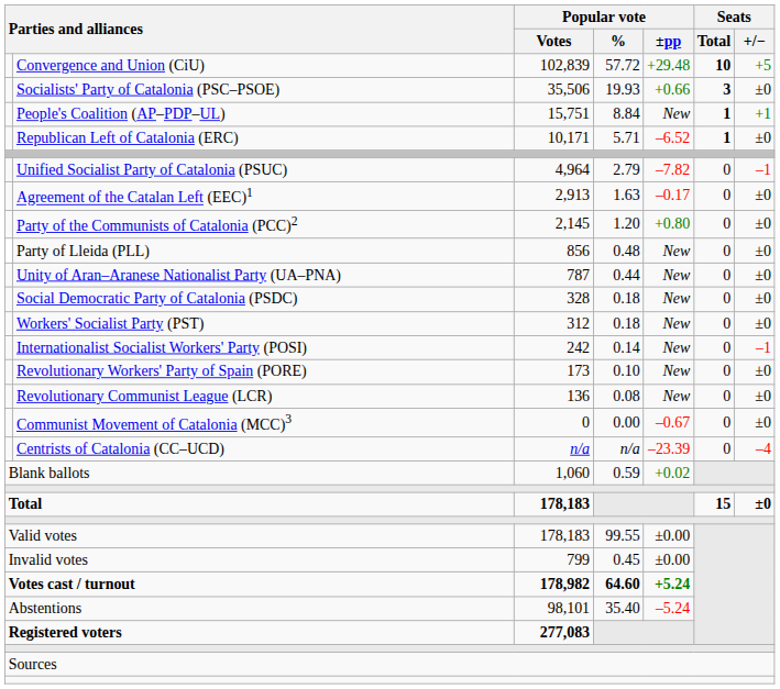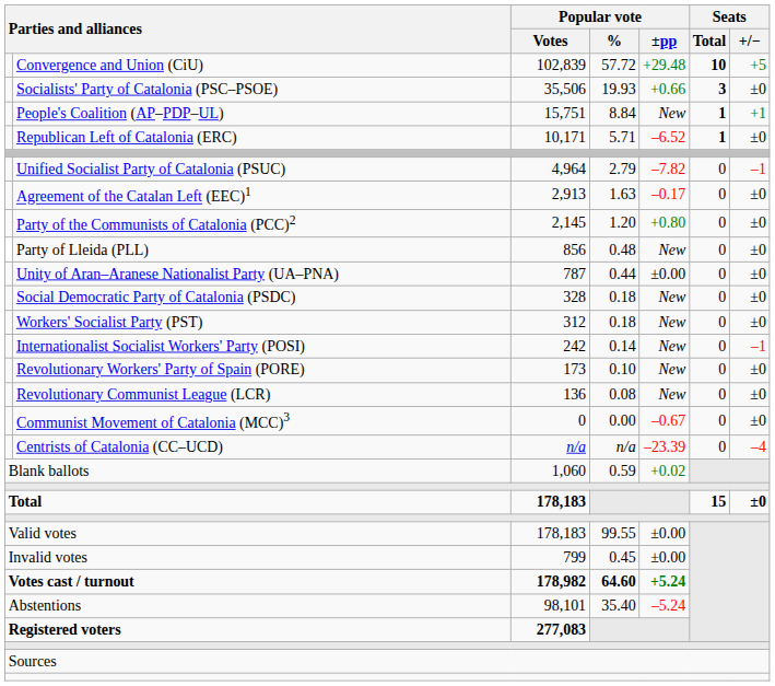 <table class="wikitable" style="text-align:right;">
 <tr>
 <th style="text-align:left;" rowspan="2" colspan="2" width="525">Parties and alliances</th>
 <th colspan="3">Popular vote</th>
 <th colspan="2">Seats</th>
 </tr>
 <tr>
 <th width="75">Votes</th>
 <th width="45">%</th>
 <th width="45">±<a href='#'>pp</a></th>
 <th width="35">Total</th>
 <th width="35">+/−</th>
 </tr>
 <tr>
 <td width="1" style="color:inherit;background:"></td>
 <td align="left"><a href='#'>Convergence and Union</a> (CiU)</td>
 <td>102,839</td>
 <td>57.72</td>
 <td style="color:green;">+29.48</td>
 <td><strong>10</strong></td>
 <td style="color:green;">+5</td>
 </tr>
 <tr>
 <td style="color:inherit;background:"></td>
 <td align="left"><a href='#'>Socialists' Party of Catalonia</a> (PSC–PSOE)</td>
 <td>35,506</td>
 <td>19.93</td>
 <td style="color:green;">+0.66</td>
 <td><strong>3</strong></td>
 <td>±0</td>
 </tr>
 <tr>
 <td style="color:inherit;background:"></td>
 <td align="left"><a href='#'>People's Coalition</a> (<a href='#'>AP</a>–<a href='#'>PDP</a>–<a href='#'>UL</a>)</td>
 <td>15,751</td>
 <td>8.84</td>
 <td><em>New</em></td>
 <td><strong>1</strong></td>
 <td style="color:green;">+1</td>
 </tr>
 <tr>
 <td style="color:inherit;background:"></td>
 <td align="left"><a href='#'>Republican Left of Catalonia</a> (ERC)</td>
 <td>10,171</td>
 <td>5.71</td>
 <td style="color:red;">–6.52</td>
 <td><strong>1</strong></td>
 <td>±0</td>
 </tr>
 <tr>
 <td colspan="7" bgcolor="#C0C0C0"></td>
 </tr>
 <tr>
 <td style="color:inherit;background:"></td>
 <td align="left"><a href='#'>Unified Socialist Party of Catalonia</a> (PSUC)</td>
 <td>4,964</td>
 <td>2.79</td>
 <td style="color:red;">–7.82</td>
 <td>0</td>
 <td style="color:red;">–1</td>
 </tr>
 <tr>
 <td style="color:inherit;background:"></td>
 <td align="left"><a href='#'>Agreement of the Catalan Left</a> (EEC)<sup>1</sup></td>
 <td>2,913</td>
 <td>1.63</td>
 <td style="color:red;">–0.17</td>
 <td>0</td>
 <td>±0</td>
 </tr>
 <tr>
 <td style="color:inherit;background:"></td>
 <td align="left"><a href='#'>Party of the Communists of Catalonia</a> (PCC)<sup>2</sup></td>
 <td>2,145</td>
 <td>1.20</td>
 <td style="color:green;">+0.80</td>
 <td>0</td>
 <td>±0</td>
 </tr>
 <tr>
 <td bgcolor="white"></td>
 <td align="left">Party of Lleida (PLL)</td>
 <td>856</td>
 <td>0.48</td>
 <td><em>New</em></td>
 <td>0</td>
 <td>±0</td>
 </tr>
 <tr>
 <td style="color:inherit;background:"></td>
 <td align="left"><a href='#'>Unity of Aran–Aranese Nationalist Party</a> (UA–PNA)</td>
 <td>787</td>
 <td>0.44</td>
-<td><em>New</em></td>
+<td>±0.00</td>
 <td>0</td>
 <td>±0</td>
 </tr>
 <tr>
 <td style="color:inherit;background:"></td>
 <td align="left"><a href='#'>Social Democratic Party of Catalonia</a> (PSDC)</td>
 <td>328</td>
 <td>0.18</td>
 <td><em>New</em></td>
 <td>0</td>
 <td>±0</td>
 </tr>
 <tr>
 <td style="color:inherit;background:"></td>
 <td align="left"><a href='#'>Workers' Socialist Party</a> (PST)</td>
 <td>312</td>
 <td>0.18</td>
 <td><em>New</em></td>
 <td>0</td>
 <td>±0</td>
 </tr>
 <tr>
 <td style="color:inherit;background:"></td>
 <td align="left"><a href='#'>Internationalist Socialist Workers' Party</a> (POSI)</td>
 <td>242</td>
 <td>0.14</td>
 <td><em>New</em></td>
 <td>0</td>
 <td style="color:red;">–1</td>
 </tr>
 <tr>
 <td style="color:inherit;background:"></td>
 <td align="left"><a href='#'>Revolutionary Workers' Party of Spain</a> (PORE)</td>
 <td>173</td>
 <td>0.10</td>
 <td><em>New</em></td>
 <td>0</td>
 <td>±0</td>
 </tr>
 <tr>
 <td style="color:inherit;background:"></td>
 <td align="left"><a href='#'>Revolutionary Communist League</a> (LCR)</td>
 <td>136</td>
 <td>0.08</td>
 <td><em>New</em></td>
 <td>0</td>
 <td>±0</td>
 </tr>
 <tr>
 <td style="color:inherit;background:"></td>
 <td align="left"><a href='#'>Communist Movement of Catalonia</a> (MCC)<sup>3</sup></td>
 <td>0</td>
 <td>0.00</td>
 <td style="color:red;">–0.67</td>
 <td>0</td>
 <td>±0</td>
 </tr>
 <tr>
 <td style="color:inherit;background:"></td>
 <td align="left"><a href='#'>Centrists of Catalonia</a> (CC–UCD)</td>
 <td><em><a href='#'>n/a</a></em></td>
 <td><em>n/a</em></td>
 <td style="color:red;">–23.39</td>
 <td>0</td>
 <td style="color:red;">–4</td>
 </tr>
 <tr>
 <td align="left" colspan="2">Blank ballots</td>
 <td>1,060</td>
 <td>0.59</td>
 <td style="color:green;">+0.02</td>
 <td bgcolor="#E9E9E9" colspan="2"></td>
 </tr>
 <tr>
 <td colspan="7" bgcolor="#E9E9E9"></td>
 </tr>
 <tr style="font-weight:bold;">
 <td align="left" colspan="2">Total</td>
 <td>178,183</td>
 <td bgcolor="#E9E9E9" colspan="2"></td>
 <td>15</td>
 <td>±0</td>
 </tr>
 <tr>
 <td colspan="7" bgcolor="#E9E9E9"></td>
 </tr>
 <tr>
 <td align="left" colspan="2">Valid votes</td>
 <td>178,183</td>
 <td>99.55</td>
 <td>±0.00</td>
 <td bgcolor="#E9E9E9" colspan="2" rowspan="5"></td>
 </tr>
 <tr>
 <td align="left" colspan="2">Invalid votes</td>
 <td>799</td>
 <td>0.45</td>
 <td>±0.00</td>
 </tr>
 <tr style="font-weight:bold;">
 <td align="left" colspan="2">Votes cast / turnout</td>
 <td>178,982</td>
 <td>64.60</td>
 <td style="color:green;">+5.24</td>
 </tr>
 <tr>
 <td align="left" colspan="2">Abstentions</td>
 <td>98,101</td>
 <td>35.40</td>
 <td style="color:red;">–5.24</td>
 </tr>
 <tr style="font-weight:bold;">
 <td align="left" colspan="2">Registered voters</td>
 <td>277,083</td>
 <td bgcolor="#E9E9E9" colspan="2"></td>
 </tr>
 <tr>
 <td colspan="7" bgcolor="#E9E9E9"></td>
 </tr>
 <tr>
 <td align="left" colspan="7">Sources</td>
 </tr>
 <tr>
 <td colspan="7" style="text-align:left; max-width:790px;"></td>
 </tr>
 </table>
